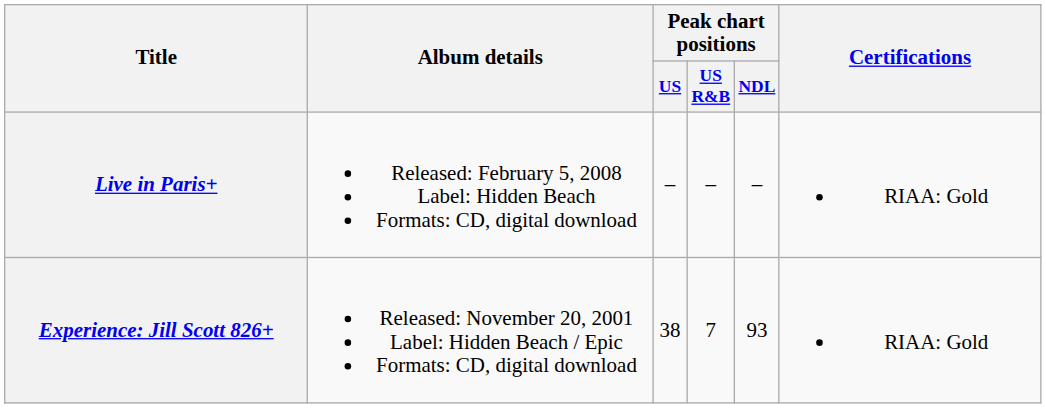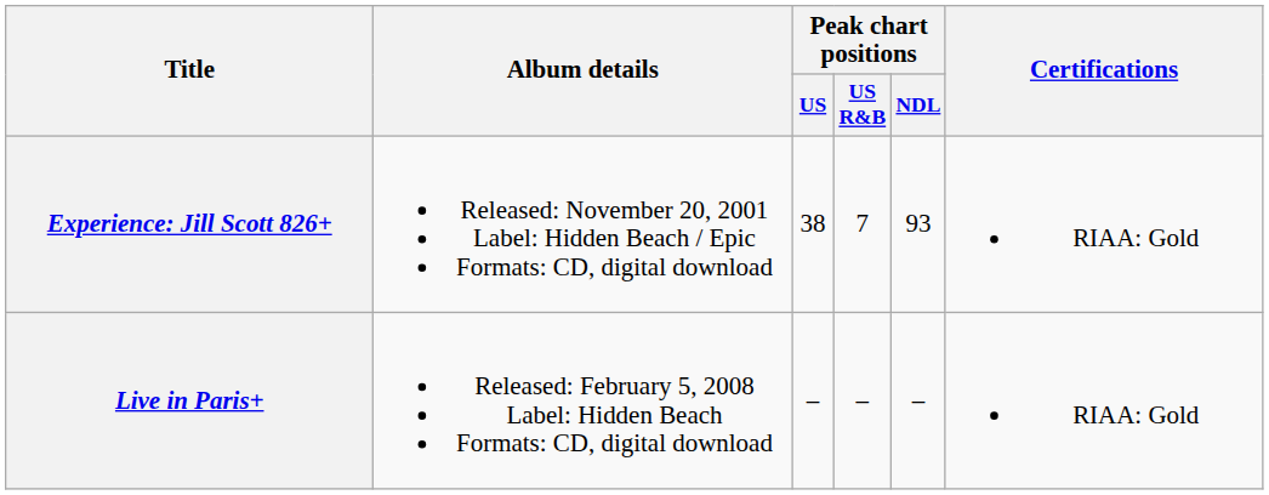 <table class="wikitable plainrowheaders" style="text-align:center;">
 <tr>
 <th scope="col" rowspan="2" style="width:14em;">Title</th>
 <th scope="col" rowspan="2" style="width:16em;">Album details</th>
 <th scope="col" colspan="3">Peak chart positions</th>
 <th scope="col" rowspan="2" style="width:12em;"><a href='#'>Certifications</a></th>
 </tr>
 <tr style="font-size:smaller;">
 <th style="width:20px;"><a href='#'>US</a></th>
 <th style="width:20px;"><a href='#'>US<br>R&B</a></th>
 <th style="width:20px;"><a href='#'>NDL</a></th>
 </tr>
 <tr>
+<th scope="row"><em><a href='#'>Experience: Jill Scott 826+</a></em></th>
+<td><br><ul><li>Released: November 20, 2001</li><li>Label: Hidden Beach / Epic</li><li>Formats: CD, digital download</li></ul></td>
+<td>38</td>
+<td>7</td>
+<td>93</td>
+<td><br><ul><li>RIAA: Gold</li></ul></td>
+</tr>
+<tr>
 <th scope="row"><em><a href='#'>Live in Paris+</a></em></th>
 <td><br><ul><li>Released: February 5, 2008</li><li>Label: Hidden Beach</li><li>Formats: CD, digital download</li></ul></td>
 <td>–</td>
 <td>–</td>
 <td>–</td>
 <td><br><ul><li>RIAA: Gold</li></ul></td>
 </tr>
-<tr>
-<th scope="row"><em><a href='#'>Experience: Jill Scott 826+</a></em></th>
-<td><br><ul><li>Released: November 20, 2001</li><li>Label: Hidden Beach / Epic</li><li>Formats: CD, digital download</li></ul></td>
-<td>38</td>
-<td>7</td>
-<td>93</td>
-<td><br><ul><li>RIAA: Gold</li></ul></td>
-</tr>
 </table>
